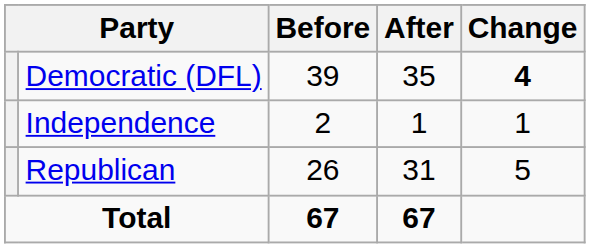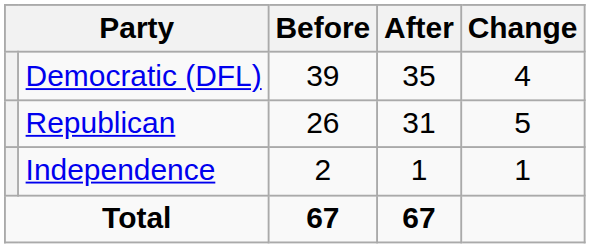 <table class="wikitable" style="text-align:center;">
 <tr>
 <th colspan="2">Party</th>
 <th>Before</th>
 <th>After</th>
 <th>Change</th>
 </tr>
 <tr>
 <th style="background-color:"></th>
 <td style="text-align:left;"><a href='#'>Democratic (DFL)</a></td>
 <td>39</td>
 <td>35</td>
-<td><strong> 4</strong></td>
+<td> 4</td>
+</tr>
+<tr>
+<th style="background-color:"></th>
+<td style="text-align:left;"><a href='#'>Republican</a></td>
+<td>26</td>
+<td>31</td>
+<td> 5</td>
 </tr>
 <tr>
 <th style="background-color:"></th>
 <td style="text-align:left;"><a href='#'>Independence</a></td>
 <td>2</td>
 <td>1</td>
 <td> 1</td>
 </tr>
 <tr>
-<th style="background-color:"></th>
-<td style="text-align:left;"><a href='#'>Republican</a></td>
-<td>26</td>
-<td>31</td>
-<td> 5</td>
-</tr>
-<tr>
 <td colspan="2"><strong>Total</strong></td>
 <td><strong>67</strong></td>
 <td><strong>67</strong></td>
 <td></td>
 </tr>
 </table>
